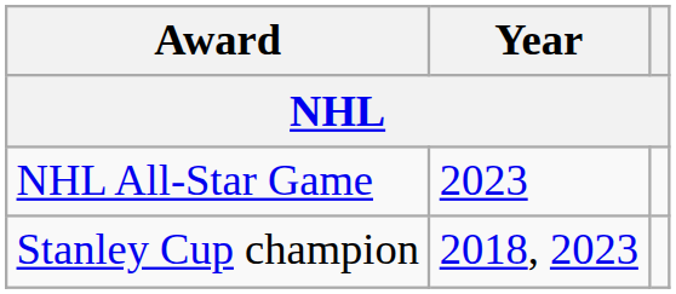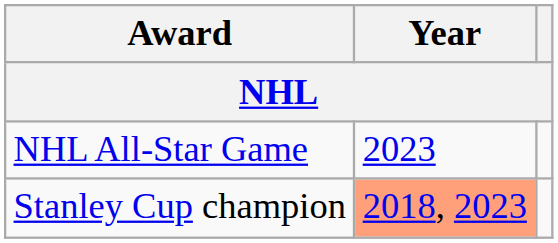 <table class="wikitable">
 <tr>
 <th>Award</th>
 <th>Year</th>
 <th></th>
 </tr>
 <tr>
 <th colspan="3"><a href='#'>NHL</a></th>
 </tr>
 <tr>
 <td><a href='#'>NHL All-Star Game</a></td>
 <td><a href='#'>2023</a></td>
 <td></td>
 </tr>
 <tr>
 <td><a href='#'>Stanley Cup</a> champion</td>
-<td><a href='#'>2018</a>, <a href='#'>2023</a></td>
+<td style="background: lightsalmon;"><a href='#'>2018</a>, <a href='#'>2023</a></td>
 <td></td>
 </tr>
 </table>
